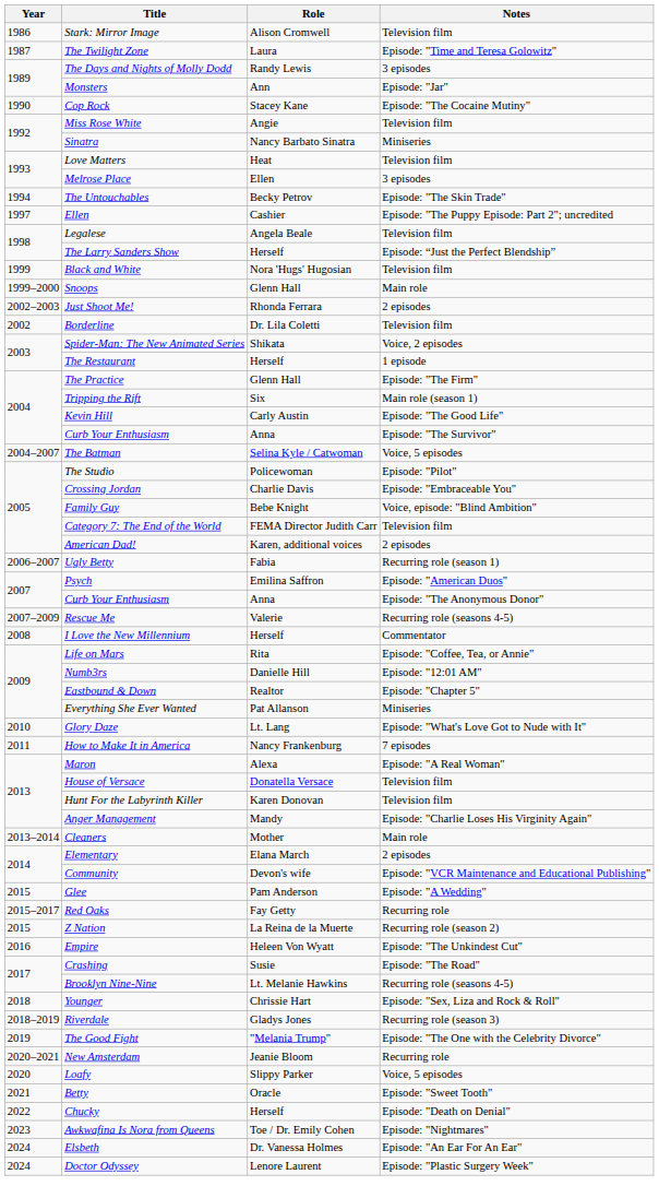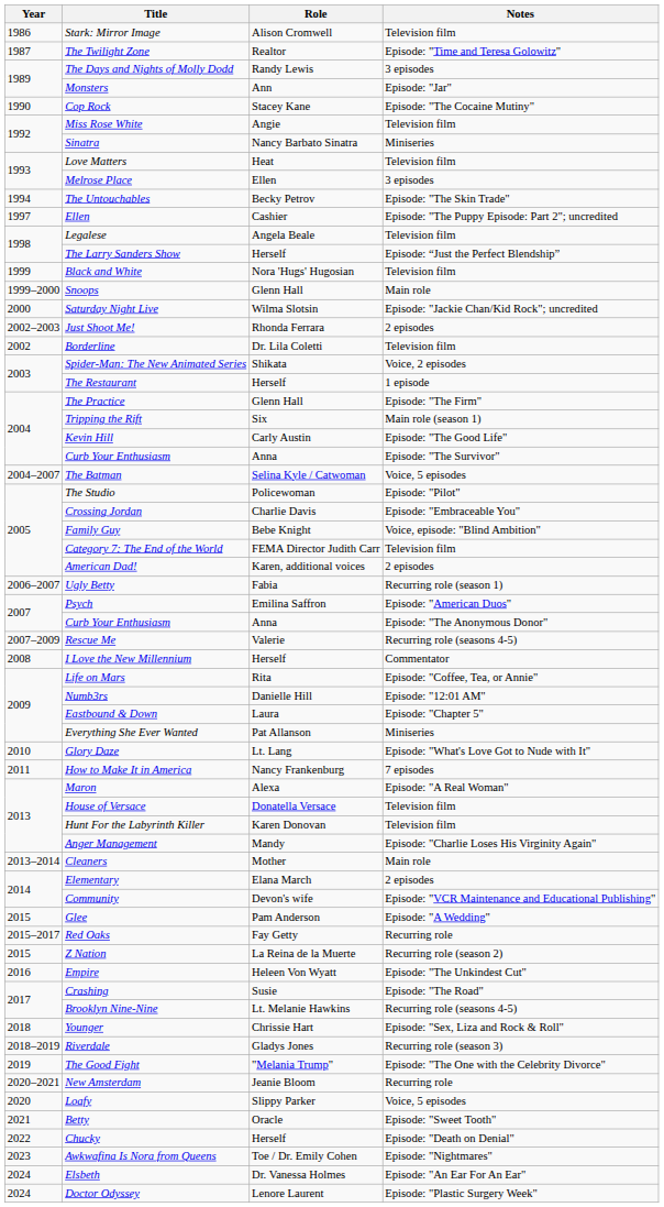 <table class="wikitable sortable">
 <tr>
 <th>Year</th>
 <th>Title</th>
 <th>Role</th>
 <th class="unsortable">Notes</th>
 </tr>
 <tr>
 <td>1986</td>
 <td><em>Stark: Mirror Image</em></td>
 <td>Alison Cromwell</td>
 <td>Television film</td>
 </tr>
 <tr>
 <td>1987</td>
 <td data-sort-value="Twilight Zone, The"><em><a href='#'>The Twilight Zone</a></em></td>
-<td>Laura</td>
+<td>Realtor</td>
 <td>Episode: "<a href='#'>Time and Teresa Golowitz</a>"</td>
 </tr>
 <tr>
 <td rowspan="2">1989</td>
 <td data-sort-value="Days and Nights of Molly Dodd, The"><em><a href='#'>The Days and Nights of Molly Dodd</a></em></td>
 <td>Randy Lewis</td>
 <td>3 episodes</td>
 </tr>
 <tr>
 <td><em><a href='#'>Monsters</a></em></td>
 <td>Ann</td>
 <td>Episode: "Jar"</td>
 </tr>
 <tr>
 <td>1990</td>
 <td><em><a href='#'>Cop Rock</a></em></td>
 <td>Stacey Kane</td>
 <td>Episode: "The Cocaine Mutiny"</td>
 </tr>
 <tr>
 <td rowspan="2">1992</td>
 <td><em><a href='#'>Miss Rose White</a></em></td>
 <td>Angie</td>
 <td>Television film</td>
 </tr>
 <tr>
 <td><em><a href='#'>Sinatra</a></em></td>
 <td>Nancy Barbato Sinatra</td>
 <td>Miniseries</td>
 </tr>
 <tr>
 <td rowspan="2">1993</td>
 <td><em>Love Matters</em></td>
 <td>Heat</td>
 <td>Television film</td>
 </tr>
 <tr>
 <td><em><a href='#'>Melrose Place</a></em></td>
 <td>Ellen</td>
 <td>3 episodes</td>
 </tr>
 <tr>
 <td>1994</td>
 <td data-sort-value="Untouchables, The"><em><a href='#'>The Untouchables</a></em></td>
 <td>Becky Petrov</td>
 <td>Episode: "The Skin Trade"</td>
 </tr>
 <tr>
 <td>1997</td>
 <td><em><a href='#'>Ellen</a></em></td>
 <td>Cashier</td>
 <td>Episode: "The Puppy Episode: Part 2"; uncredited</td>
 </tr>
 <tr>
 <td rowspan="2">1998</td>
 <td><em>Legalese</em></td>
 <td>Angela Beale</td>
 <td>Television film</td>
 </tr>
 <tr>
 <td><em><a href='#'>The Larry Sanders Show</a></em></td>
 <td>Herself</td>
 <td>Episode: “Just the Perfect Blendship”</td>
 </tr>
 <tr>
 <td>1999</td>
 <td><em><a href='#'>Black and White</a></em></td>
 <td>Nora 'Hugs' Hugosian</td>
 <td>Television film</td>
 </tr>
 <tr>
 <td>1999–2000</td>
 <td><em><a href='#'>Snoops</a></em></td>
 <td>Glenn Hall</td>
 <td>Main role</td>
+</tr>
+<tr>
+<td>2000</td>
+<td><em><a href='#'>Saturday Night Live</a></em></td>
+<td>Wilma Slotsin</td>
+<td>Episode: "Jackie Chan/Kid Rock"; uncredited</td>
 </tr>
 <tr>
 <td>2002–2003</td>
 <td><em><a href='#'>Just Shoot Me!</a></em></td>
 <td>Rhonda Ferrara</td>
 <td>2 episodes</td>
 </tr>
 <tr>
 <td>2002</td>
 <td><em><a href='#'>Borderline</a></em></td>
 <td>Dr. Lila Coletti</td>
 <td>Television film</td>
 </tr>
 <tr>
 <td rowspan="2">2003</td>
 <td><em><a href='#'>Spider-Man: The New Animated Series</a></em></td>
 <td>Shikata</td>
 <td>Voice, 2 episodes</td>
 </tr>
 <tr>
 <td><em><a href='#'>The Restaurant</a></em></td>
 <td>Herself</td>
 <td>1 episode</td>
 </tr>
 <tr>
 <td rowspan="4">2004</td>
 <td data-sort-value="Practice, The"><em><a href='#'>The Practice</a></em></td>
 <td>Glenn Hall</td>
 <td>Episode: "The Firm"</td>
 </tr>
 <tr>
 <td><em><a href='#'>Tripping the Rift</a></em></td>
 <td>Six</td>
 <td>Main role (season 1)</td>
 </tr>
 <tr>
 <td><em><a href='#'>Kevin Hill</a></em></td>
 <td>Carly Austin</td>
 <td>Episode: "The Good Life"</td>
 </tr>
 <tr>
 <td><em><a href='#'>Curb Your Enthusiasm</a></em></td>
 <td>Anna</td>
 <td>Episode: "The Survivor"</td>
 </tr>
 <tr>
 <td>2004–2007</td>
 <td data-sort-value="Batman, The"><em><a href='#'>The Batman</a></em></td>
 <td><a href='#'>Selina Kyle / Catwoman</a></td>
 <td>Voice, 5 episodes</td>
 </tr>
 <tr>
 <td rowspan="5">2005</td>
 <td data-sort-value="Studio, The"><em>The Studio</em></td>
 <td>Policewoman</td>
 <td>Episode: "Pilot"</td>
 </tr>
 <tr>
 <td><em><a href='#'>Crossing Jordan</a></em></td>
 <td>Charlie Davis</td>
 <td>Episode: "Embraceable You"</td>
 </tr>
 <tr>
 <td><em><a href='#'>Family Guy</a></em></td>
 <td>Bebe Knight</td>
 <td>Voice, episode: "Blind Ambition"</td>
 </tr>
 <tr>
 <td><em><a href='#'>Category 7: The End of the World</a></em></td>
 <td>FEMA Director Judith Carr</td>
 <td>Television film</td>
 </tr>
 <tr>
 <td><em><a href='#'>American Dad!</a></em></td>
 <td>Karen, additional voices</td>
 <td>2 episodes</td>
 </tr>
 <tr>
 <td>2006–2007</td>
 <td><em><a href='#'>Ugly Betty</a></em></td>
 <td>Fabia</td>
 <td>Recurring role (season 1)</td>
 </tr>
 <tr>
 <td rowspan="2">2007</td>
 <td><em><a href='#'>Psych</a></em></td>
 <td>Emilina Saffron</td>
 <td>Episode: "<a href='#'>American Duos</a>"</td>
 </tr>
 <tr>
 <td><em><a href='#'>Curb Your Enthusiasm</a></em></td>
 <td>Anna</td>
 <td>Episode: "The Anonymous Donor"</td>
 </tr>
 <tr>
 <td>2007–2009</td>
 <td><em><a href='#'>Rescue Me</a></em></td>
 <td>Valerie</td>
 <td>Recurring role (seasons 4-5)</td>
 </tr>
 <tr>
 <td>2008</td>
 <td><em><a href='#'>I Love the New Millennium</a></em></td>
 <td>Herself</td>
 <td>Commentator</td>
 </tr>
 <tr>
 <td rowspan="4">2009</td>
 <td><em><a href='#'>Life on Mars</a></em></td>
 <td>Rita</td>
 <td>Episode: "Coffee, Tea, or Annie"</td>
 </tr>
 <tr>
 <td><em><a href='#'>Numb3rs</a></em></td>
 <td>Danielle Hill</td>
 <td>Episode: "12:01 AM"</td>
 </tr>
 <tr>
 <td><em><a href='#'>Eastbound & Down</a></em></td>
-<td>Realtor</td>
+<td>Laura</td>
 <td>Episode: "Chapter 5"</td>
 </tr>
 <tr>
 <td><em>Everything She Ever Wanted</em></td>
 <td>Pat Allanson</td>
 <td>Miniseries</td>
 </tr>
 <tr>
 <td>2010</td>
 <td><em><a href='#'>Glory Daze</a></em></td>
 <td>Lt. Lang</td>
 <td>Episode: "What's Love Got to Nude with It"</td>
 </tr>
 <tr>
 <td>2011</td>
 <td><em><a href='#'>How to Make It in America</a></em></td>
 <td>Nancy Frankenburg</td>
 <td>7 episodes</td>
 </tr>
 <tr>
 <td rowspan="4">2013</td>
 <td><em><a href='#'>Maron</a></em></td>
 <td>Alexa</td>
 <td>Episode: "A Real Woman"</td>
 </tr>
 <tr>
 <td><em><a href='#'>House of Versace</a></em></td>
 <td><a href='#'>Donatella Versace</a></td>
 <td>Television film</td>
 </tr>
 <tr>
 <td><em>Hunt For the Labyrinth Killer</em></td>
 <td>Karen Donovan</td>
 <td>Television film</td>
 </tr>
 <tr>
 <td><em><a href='#'>Anger Management</a></em></td>
 <td>Mandy</td>
 <td>Episode: "Charlie Loses His Virginity Again"</td>
 </tr>
 <tr>
 <td>2013–2014</td>
 <td><em><a href='#'>Cleaners</a></em></td>
 <td>Mother</td>
 <td>Main role</td>
 </tr>
 <tr>
 <td rowspan="2">2014</td>
 <td><em><a href='#'>Elementary</a></em></td>
 <td>Elana March</td>
 <td>2 episodes</td>
 </tr>
 <tr>
 <td><em><a href='#'>Community</a></em></td>
 <td>Devon's wife</td>
 <td>Episode: "<a href='#'>VCR Maintenance and Educational Publishing</a>"</td>
 </tr>
 <tr>
 <td>2015</td>
 <td><em><a href='#'>Glee</a></em></td>
 <td>Pam Anderson</td>
 <td>Episode: "<a href='#'>A Wedding</a>"</td>
 </tr>
 <tr>
 <td>2015–2017</td>
 <td><em><a href='#'>Red Oaks</a></em></td>
 <td>Fay Getty</td>
 <td>Recurring role</td>
 </tr>
 <tr>
 <td>2015</td>
 <td><em><a href='#'>Z Nation</a></em></td>
 <td>La Reina de la Muerte</td>
 <td>Recurring role (season 2)</td>
 </tr>
 <tr>
 <td>2016</td>
 <td><em><a href='#'>Empire</a></em></td>
 <td>Heleen Von Wyatt</td>
 <td>Episode: "The Unkindest Cut"</td>
 </tr>
 <tr>
 <td rowspan="2">2017</td>
 <td><em><a href='#'>Crashing</a></em></td>
 <td>Susie</td>
 <td>Episode: "The Road"</td>
 </tr>
 <tr>
 <td><em><a href='#'>Brooklyn Nine-Nine</a></em></td>
 <td>Lt. Melanie Hawkins</td>
 <td>Recurring role (seasons 4-5)</td>
 </tr>
 <tr>
 <td>2018</td>
 <td><em><a href='#'>Younger</a></em></td>
 <td>Chrissie Hart</td>
 <td>Episode: "Sex, Liza and Rock & Roll"</td>
 </tr>
 <tr>
 <td>2018–2019</td>
 <td><em><a href='#'>Riverdale</a></em></td>
 <td>Gladys Jones</td>
 <td>Recurring role (season 3)</td>
 </tr>
 <tr>
 <td>2019</td>
 <td data-sort-value="Good Fight, The"><em><a href='#'>The Good Fight</a></em></td>
 <td>"<a href='#'>Melania Trump</a>"</td>
 <td>Episode: "The One with the Celebrity Divorce"</td>
 </tr>
 <tr>
 <td>2020–2021</td>
 <td><em><a href='#'>New Amsterdam</a></em></td>
 <td>Jeanie Bloom</td>
 <td>Recurring role</td>
 </tr>
 <tr>
 <td>2020</td>
 <td><em><a href='#'>Loafy</a></em></td>
 <td>Slippy Parker</td>
 <td>Voice, 5 episodes</td>
 </tr>
 <tr>
 <td>2021</td>
 <td><em><a href='#'>Betty</a></em></td>
 <td>Oracle</td>
 <td>Episode: "Sweet Tooth"</td>
 </tr>
 <tr>
 <td>2022</td>
 <td><em><a href='#'>Chucky</a></em></td>
 <td>Herself</td>
 <td>Episode: "Death on Denial"</td>
 </tr>
 <tr>
 <td>2023</td>
 <td><em><a href='#'>Awkwafina Is Nora from Queens</a></em></td>
 <td>Toe / Dr. Emily Cohen</td>
 <td>Episode: "Nightmares"</td>
 </tr>
 <tr>
 <td>2024</td>
 <td><a href='#'><em>Elsbeth</em></a></td>
 <td>Dr. Vanessa Holmes</td>
 <td>Episode: "An Ear For An Ear"</td>
 </tr>
 <tr>
 <td>2024</td>
 <td><em><a href='#'>Doctor Odyssey</a></em></td>
 <td>Lenore Laurent</td>
 <td>Episode: "Plastic Surgery Week"</td>
 </tr>
 </table>
